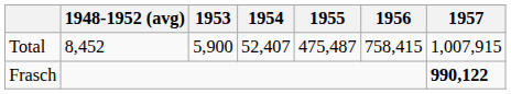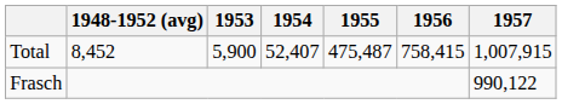 <table class="wikitable defaultright">
 <tr>
 <th></th>
 <th>1948-1952 (avg)</th>
 <th>1953</th>
 <th>1954</th>
 <th>1955</th>
 <th>1956</th>
 <th>1957</th>
 </tr>
 <tr>
 <td>Total</td>
 <td>8,452</td>
 <td>5,900</td>
 <td>52,407</td>
 <td>475,487</td>
 <td>758,415</td>
 <td>1,007,915</td>
 </tr>
 <tr>
 <td>Frasch</td>
 <td colspan=5></td>
-<td><strong>990,122</strong></td>
+<td>990,122</td>
 </tr>
 </table>
